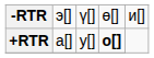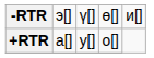 <table class="tright wikitable" style="margin-left: 1em">
 <tr>
 <th>-RTR</th>
 <td>э[]</td>
 <td>ү[]</td>
 <td>ө[]</td>
 <td>и[]</td>
 </tr>
 <tr>
 <th>+RTR</th>
 <td>а[]</td>
 <td>у[]</td>
-<td><strong>о[]</strong></td>
+<td>о[]</td>
 </tr>
 <tr>
 </tr>
 </table>
